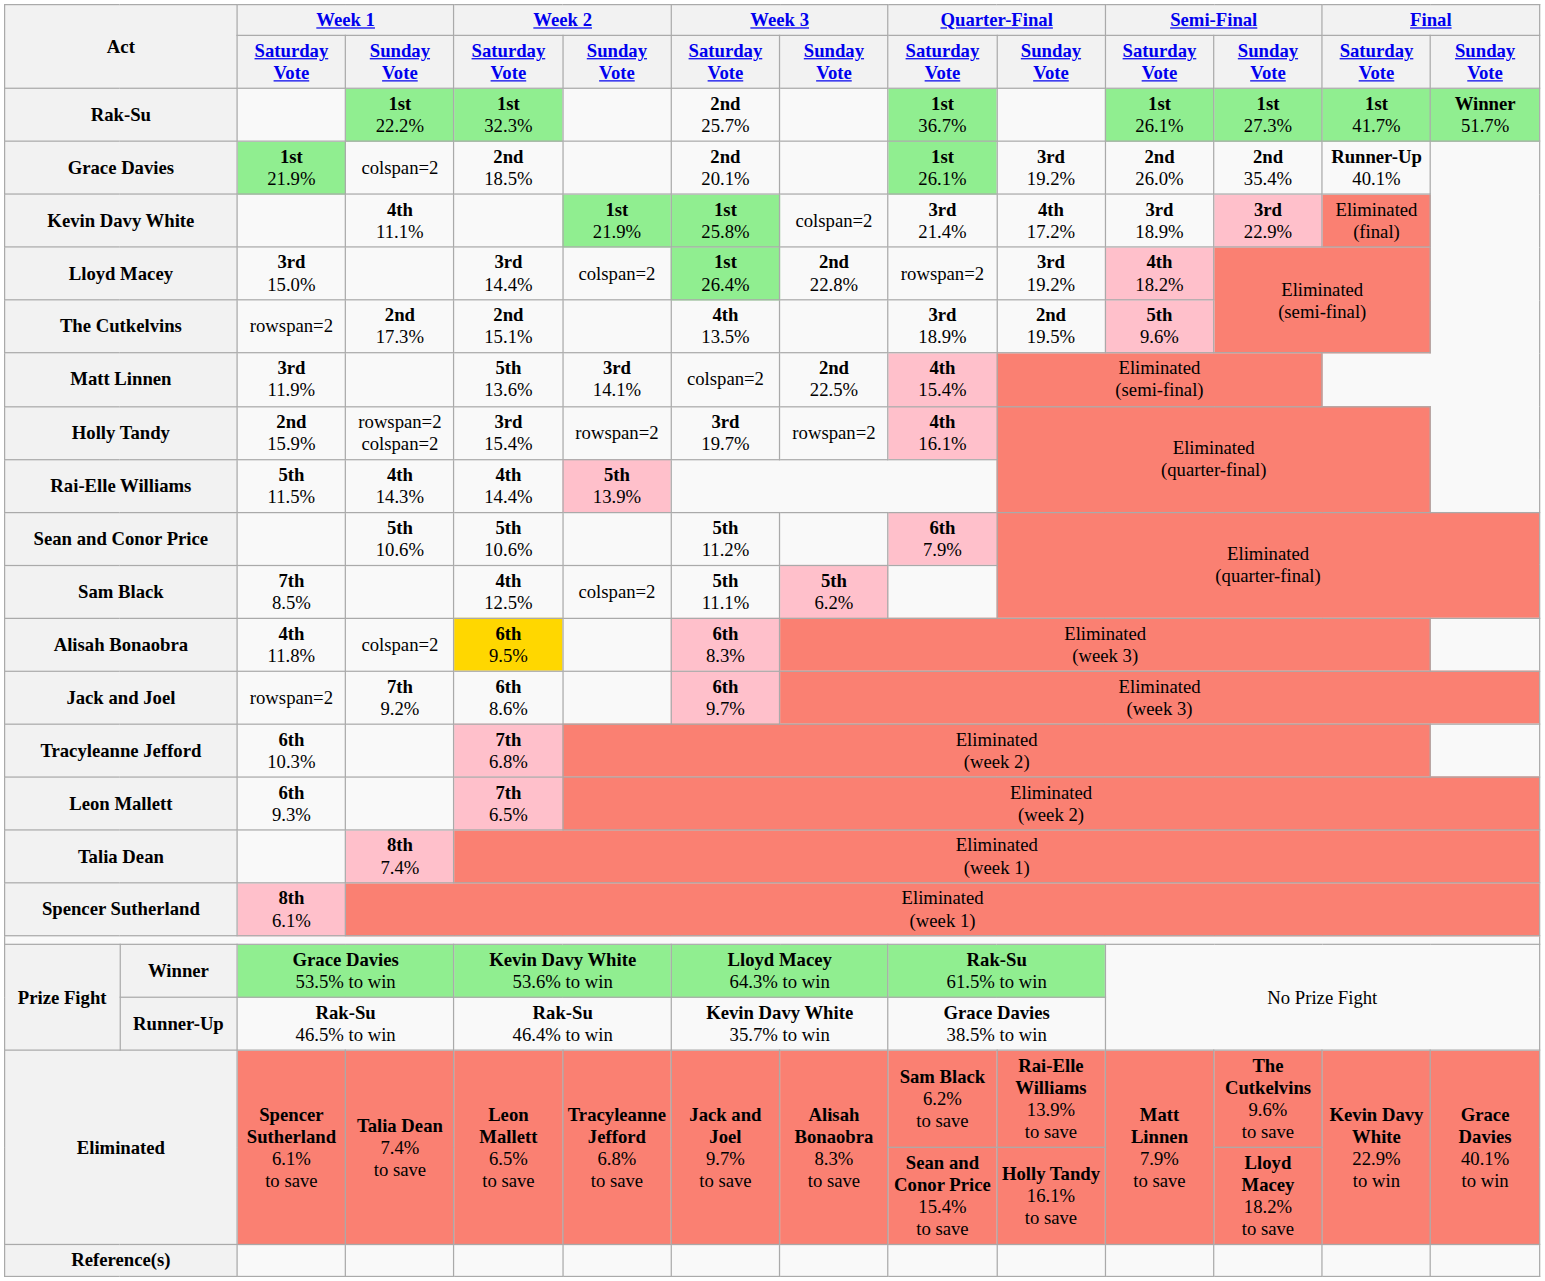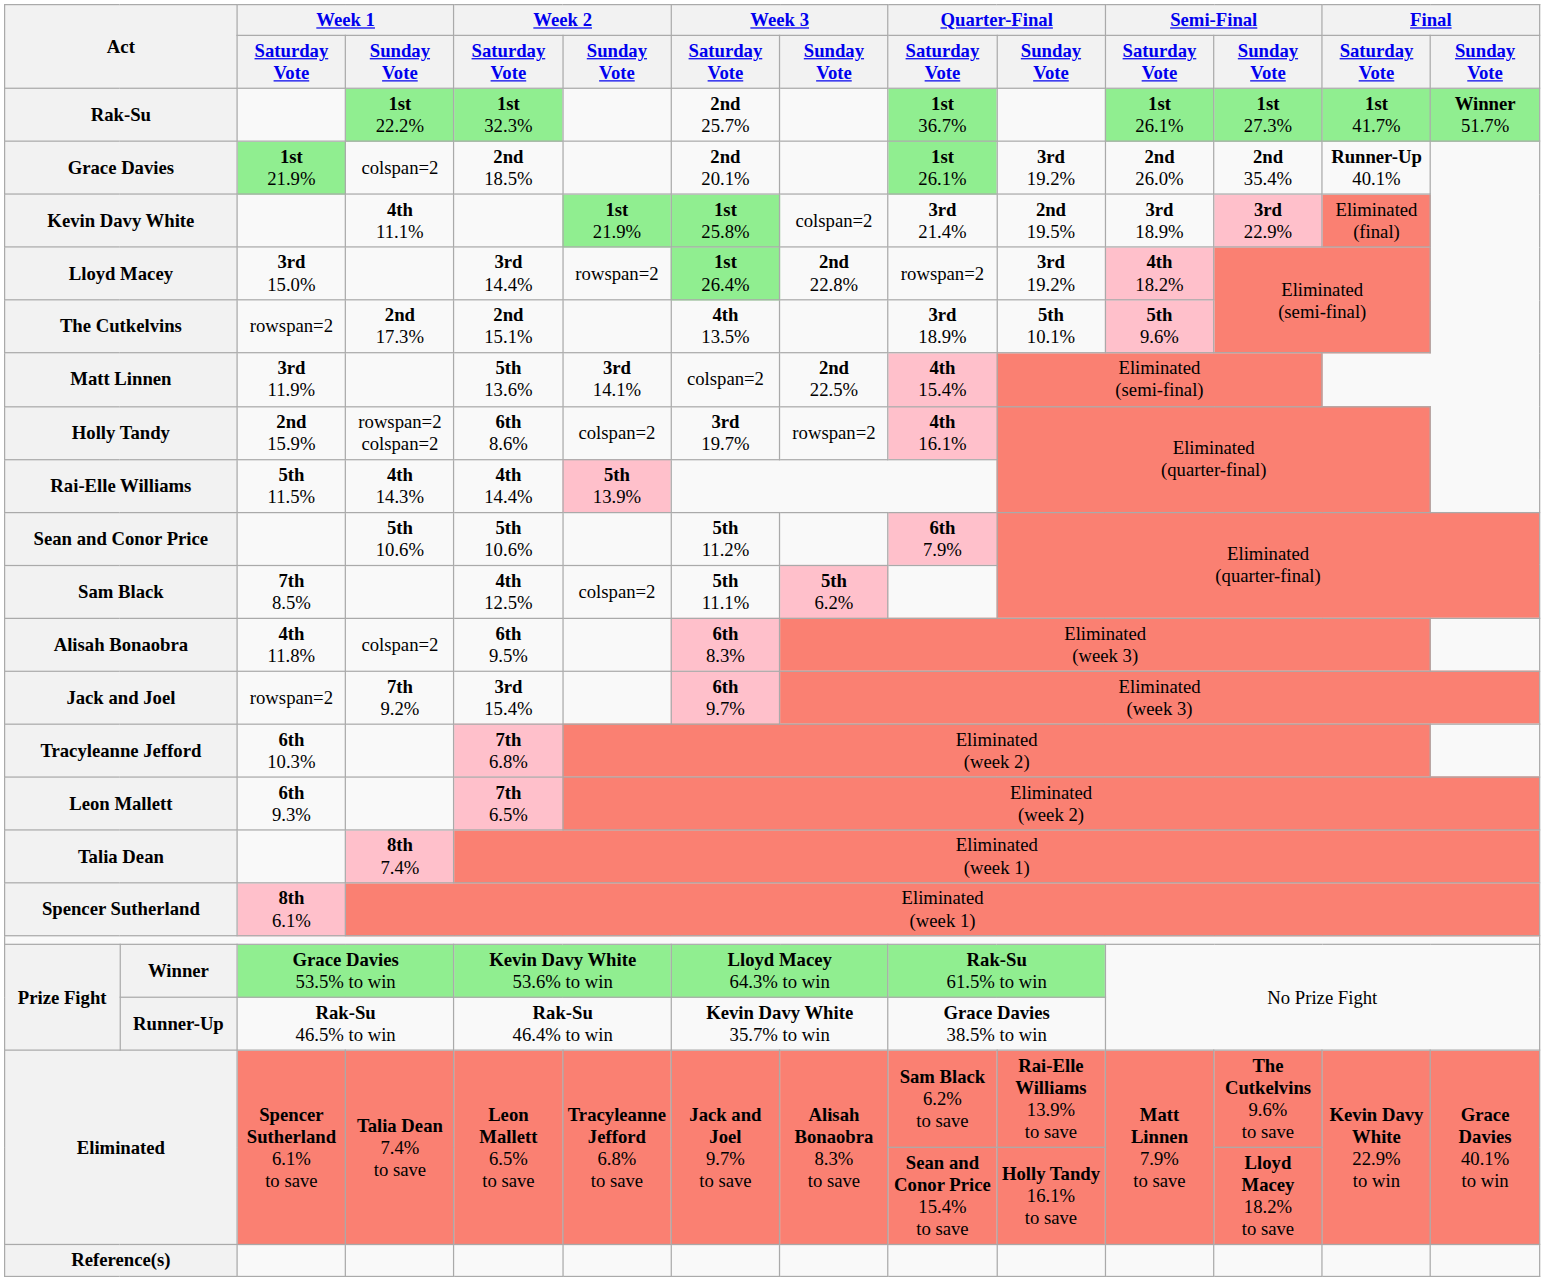 <table class="wikitable" style="text-align:center; font-size:95%">
 <tr>
 <th style="width:15%"  rowspan="2" colspan="2" scope="col">Act</th>
 <th style="width:10.5%" colspan="2" scope="col"><a href='#'>Week 1</a></th>
 <th style="width:10.5%" colspan="2" scope="col"><a href='#'>Week 2</a></th>
 <th style="width:10.5%" colspan="2" scope="col"><a href='#'>Week 3</a></th>
 <th style="width:10.5%" colspan="2" scope="col"><a href='#'>Quarter-Final</a></th>
 <th style="width:10.5%" colspan="2" scope="col"><a href='#'>Semi-Final</a></th>
 <th style="width:10.5%" colspan="2" scope="col"><a href='#'>Final</a></th>
 </tr>
 <tr>
 <th style="width:7%"><a href='#'>Saturday Vote</a></th>
 <th style="width:7%"><a href='#'>Sunday Vote</a></th>
 <th style="width:7%"><a href='#'>Saturday Vote</a></th>
 <th style="width:7%"><a href='#'>Sunday Vote</a></th>
 <th style="width:7%"><a href='#'>Saturday Vote</a></th>
 <th style="width:7%"><a href='#'>Sunday Vote</a></th>
 <th style="width:7%"><a href='#'>Saturday Vote</a></th>
 <th style="width:7%"><a href='#'>Sunday Vote</a></th>
 <th style="width:7%"><a href='#'>Saturday Vote</a></th>
 <th style="width:7%"><a href='#'>Sunday Vote</a></th>
 <th style="width:7%"><a href='#'>Saturday Vote</a></th>
 <th style="width:7%"><a href='#'>Sunday Vote</a></th>
 </tr>
 <tr>
 <th scope="row" colspan="2">Rak-Su</th>
 <td></td>
 <td style="background:lightgreen;"><strong>1st</strong><br>22.2%</td>
 <td style="background:lightgreen;"><strong>1st</strong><br>32.3%</td>
 <td></td>
 <td><strong>2nd</strong><br>25.7%</td>
 <td></td>
 <td style="background:lightgreen;"><strong>1st</strong><br>36.7%</td>
 <td></td>
 <td style="background:lightgreen;"><strong>1st</strong><br>26.1%</td>
 <td style="background:lightgreen;"><strong>1st</strong><br>27.3%</td>
 <td style="background:lightgreen;"><strong>1st</strong><br>41.7%</td>
 <td style="background:lightgreen;"><strong>Winner</strong><br>51.7%</td>
 </tr>
 <tr>
 <th scope="row" colspan="2">Grace Davies</th>
 <td style="background:lightgreen;"><strong>1st</strong><br>21.9%</td>
 <td>colspan=2 </td>
 <td><strong>2nd</strong><br>18.5%</td>
 <td></td>
 <td><strong>2nd</strong><br>20.1%</td>
 <td></td>
 <td style="background:lightgreen;"><strong>1st</strong><br>26.1%</td>
 <td><strong>3rd</strong><br>19.2%</td>
 <td><strong>2nd</strong><br>26.0%</td>
 <td><strong>2nd</strong><br>35.4%</td>
 <td><strong>Runner-Up</strong><br>40.1%</td>
 </tr>
 <tr>
 <th scope="row" colspan="2">Kevin Davy White</th>
 <td></td>
 <td><strong>4th</strong><br>11.1%</td>
 <td></td>
 <td style="background:lightgreen;"><strong>1st</strong><br>21.9%</td>
 <td style="background:lightgreen;"><strong>1st</strong><br>25.8%</td>
 <td>colspan=2 </td>
 <td><strong>3rd</strong><br>21.4%</td>
-<td><strong>4th</strong><br>17.2%</td>
+<td><strong>2nd</strong><br>19.5%</td>
 <td><strong>3rd</strong><br>18.9%</td>
 <td style="background:pink;"><strong>3rd</strong><br>22.9%</td>
 <td colspan="1" style="background:salmon;">Eliminated<br>(final)</td>
 </tr>
 <tr>
 <th scope="row" colspan="2">Lloyd Macey</th>
 <td><strong>3rd</strong><br>15.0%</td>
 <td></td>
 <td><strong>3rd</strong><br>14.4%</td>
-<td>colspan=2 </td>
+<td>rowspan=2 </td>
 <td style="background:lightgreen;"><strong>1st</strong><br>26.4%</td>
 <td><strong>2nd</strong><br>22.8%</td>
 <td>rowspan=2 </td>
 <td><strong>3rd</strong><br>19.2%</td>
 <td style="background:pink;"><strong>4th</strong><br>18.2%</td>
 <td rowspan=2 colspan="2" style="background:salmon;">Eliminated<br>(semi-final)</td>
 </tr>
 <tr>
 <th scope="row" colspan="2">The Cutkelvins</th>
 <td>rowspan=2 </td>
 <td><strong>2nd</strong><br>17.3%</td>
 <td><strong>2nd</strong><br>15.1%</td>
 <td></td>
 <td><strong>4th</strong><br>13.5%</td>
 <td></td>
 <td><strong>3rd</strong><br>18.9%</td>
-<td><strong>2nd</strong><br>19.5%</td>
+<td><strong>5th</strong><br>10.1%</td>
 <td style="background:pink;"><strong>5th</strong><br>9.6%</td>
 </tr>
 <tr>
 <th scope="row" colspan="2">Matt Linnen</th>
 <td><strong>3rd</strong><br>11.9%</td>
 <td></td>
 <td><strong>5th</strong><br>13.6%</td>
 <td><strong>3rd</strong><br>14.1%</td>
 <td>colspan=2 </td>
 <td><strong>2nd</strong><br>22.5%</td>
 <td style="background:pink;"><strong>4th</strong><br>15.4%</td>
 <td colspan="3" style="background:salmon;">Eliminated<br>(semi-final)</td>
 </tr>
 <tr>
 <th scope="row" colspan="2">Holly Tandy</th>
 <td><strong>2nd</strong><br>15.9%</td>
 <td>rowspan=2 colspan=2 </td>
-<td><strong>3rd</strong><br>15.4%</td>
-<td>rowspan=2 </td>
+<td><strong>6th</strong><br>8.6%</td>
+<td>colspan=2 </td>
 <td><strong>3rd</strong><br>19.7%</td>
 <td>rowspan=2 </td>
 <td style="background:pink;"><strong>4th</strong><br>16.1%</td>
 <td rowspan=2 colspan="4" style="background:salmon;">Eliminated<br>(quarter-final)</td>
 </tr>
 <tr>
 <th scope="row" colspan="2">Rai-Elle Williams</th>
 <td><strong>5th</strong><br>11.5%</td>
 <td><strong>4th</strong><br>14.3%</td>
 <td><strong>4th</strong><br>14.4%</td>
 <td style="background:pink;"><strong>5th</strong><br>13.9%</td>
 </tr>
 <tr>
 <th scope="row" colspan="2">Sean and Conor Price</th>
 <td></td>
 <td><strong>5th</strong><br>10.6%</td>
 <td><strong>5th</strong><br>10.6%</td>
 <td></td>
 <td><strong>5th</strong><br>11.2%</td>
 <td></td>
 <td style="background:pink;"><strong>6th</strong><br>7.9%</td>
 <td rowspan=2 colspan="5" style="background:salmon;">Eliminated<br>(quarter-final)</td>
 </tr>
 <tr>
 <th scope="row" colspan="2">Sam Black</th>
 <td><strong>7th</strong><br>8.5%</td>
 <td></td>
 <td><strong>4th</strong><br>12.5%</td>
 <td>colspan=2 </td>
 <td><strong>5th</strong><br>11.1%</td>
 <td style="background:pink;"><strong>5th</strong><br>6.2%</td>
 </tr>
 <tr>
 <th scope="row" colspan="2">Alisah Bonaobra</th>
 <td><strong>4th</strong><br>11.8%</td>
 <td>colspan=2 </td>
-<td style="background: gold;"><strong>6th</strong><br>9.5%</td>
+<td><strong>6th</strong><br>9.5%</td>
 <td></td>
 <td style="background:pink;"><strong>6th</strong><br> 8.3%</td>
 <td colspan="6" style="background:salmon;">Eliminated<br>(week 3)</td>
 </tr>
 <tr>
 <th scope="row" colspan="2">Jack and Joel</th>
 <td>rowspan=2 </td>
 <td><strong>7th</strong><br>9.2%</td>
-<td><strong>6th</strong><br>8.6%</td>
+<td><strong>3rd</strong><br>15.4%</td>
 <td></td>
 <td style="background:pink;"><strong>6th</strong><br>9.7%</td>
 <td colspan="7" style="background:salmon;">Eliminated<br>(week 3)</td>
 </tr>
 <tr>
 <th scope="row" colspan="2">Tracyleanne Jefford</th>
 <td><strong>6th</strong><br>10.3%</td>
 <td></td>
 <td style="background:pink;"><strong>7th</strong><br>6.8%</td>
 <td colspan="8" style="background:salmon;">Eliminated<br>(week 2)</td>
 </tr>
 <tr>
 <th scope="row" colspan="2">Leon Mallett</th>
 <td><strong>6th</strong><br>9.3%</td>
 <td></td>
 <td style="background:pink;"><strong>7th</strong><br>6.5%</td>
 <td colspan="9" style="background:salmon;">Eliminated<br>(week 2)</td>
 </tr>
 <tr>
 <th scope="row" colspan="2">Talia Dean</th>
 <td></td>
 <td style="background:pink;"><strong>8th</strong><br>7.4%</td>
 <td colspan="10" style="background:salmon;">Eliminated<br>(week 1)</td>
 </tr>
 <tr>
 <th scope="row" colspan="2">Spencer Sutherland</th>
 <td style="background:pink;"><strong>8th</strong><br>6.1%</td>
 <td colspan="11" style="background:salmon;">Eliminated<br>(week 1)</td>
 </tr>
 <tr>
 <td colspan="14"></td>
 </tr>
 <tr>
 <th rowspan="2">Prize Fight</th>
 <th scope="row">Winner</th>
 <td colspan="2" style="background:lightgreen;"><strong>Grace Davies</strong><br>53.5% to win</td>
 <td colspan="2" style="background:lightgreen;"><strong>Kevin Davy White</strong><br>53.6% to win</td>
 <td colspan="2" style="background:lightgreen;"><strong>Lloyd Macey</strong><br>64.3% to win</td>
 <td colspan="2" style="background:lightgreen;"><strong>Rak-Su</strong><br>61.5% to win</td>
 <td colspan="4" rowspan="2">No Prize Fight</td>
 </tr>
 <tr>
 <th scope="row">Runner-Up</th>
 <td colspan="2"><strong>Rak-Su</strong><br>46.5% to win</td>
 <td colspan="2"><strong>Rak-Su</strong><br>46.4% to win</td>
 <td colspan="2"><strong>Kevin Davy White</strong><br>35.7% to win</td>
 <td colspan="2"><strong>Grace Davies</strong><br>38.5% to win</td>
 </tr>
 <tr>
 <th rowspan=2 scope="row" colspan="2">Eliminated</th>
 <td rowspan=2 style="background:salmon;"><strong>Spencer Sutherland</strong><br>6.1%<br> to save</td>
 <td rowspan=2 style="background:salmon;"><strong>Talia Dean</strong><br>7.4%<br> to save</td>
 <td rowspan=2 style="background:salmon;"><strong>Leon Mallett</strong><br>6.5%<br> to save</td>
 <td rowspan=2 style="background:salmon;"><strong>Tracyleanne Jefford</strong><br>6.8%<br> to save</td>
 <td rowspan=2 style="background:salmon;"><strong>Jack and Joel</strong><br>9.7%<br> to save</td>
 <td rowspan=2 style="background:salmon;"><strong>Alisah Bonaobra</strong><br>8.3%<br> to save</td>
 <td style="background:salmon;"><strong>Sam Black</strong><br>6.2%<br> to save</td>
 <td style="background:salmon;"><strong>Rai-Elle Williams</strong><br>13.9%<br> to save</td>
 <td rowspan=2 style="background:salmon;"><strong>Matt Linnen</strong><br>7.9%<br> to save</td>
 <td style="background:salmon;"><strong>The Cutkelvins</strong><br>9.6%<br> to save</td>
 <td rowspan=2 style="background:salmon;"><strong>Kevin Davy White</strong><br>22.9%<br> to win</td>
 <td rowspan=2 style="background:salmon;"><strong>Grace Davies</strong><br>40.1%<br> to win</td>
 </tr>
 <tr style="background:salmon;">
 <td><strong>Sean and Conor Price</strong><br>15.4%<br> to save</td>
 <td><strong>Holly Tandy</strong><br>16.1%<br> to save</td>
 <td><strong>Lloyd Macey</strong><br>18.2%<br> to save</td>
 </tr>
 <tr>
 <th scope="row" colspan="2">Reference(s)</th>
 <td></td>
 <td></td>
 <td></td>
 <td></td>
 <td></td>
 <td></td>
 <td></td>
 <td></td>
 <td></td>
 <td></td>
 <td></td>
 <td></td>
 </tr>
 </table>
